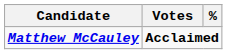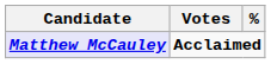 <table class="wikitable">
 <tr>
 <th>Candidate</th>
 <th>Votes</th>
 <th>%</th>
 </tr>
 <tr>
-<td><strong><em><a href='#'>Matthew McCauley</a></em></strong></td>
+<td style="background: lavender;"><strong><em><a href='#'>Matthew McCauley</a></em></strong></td>
 <td colspan="2"><strong>Acclaimed</strong></td>
 </tr>
 </table>
